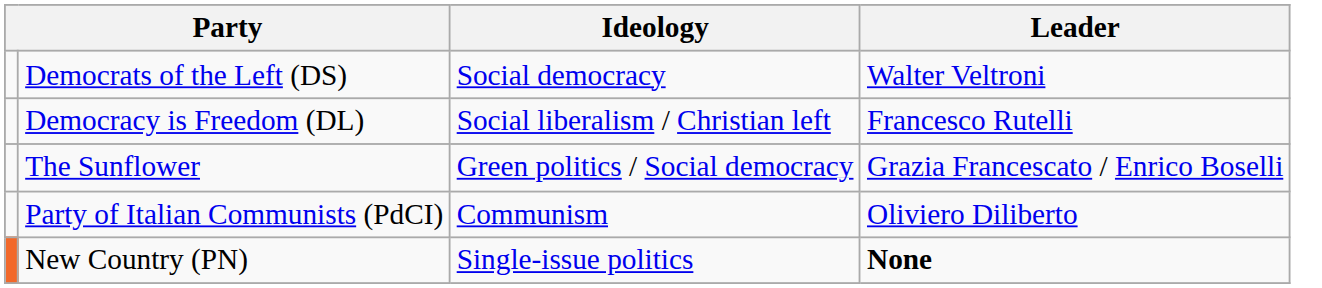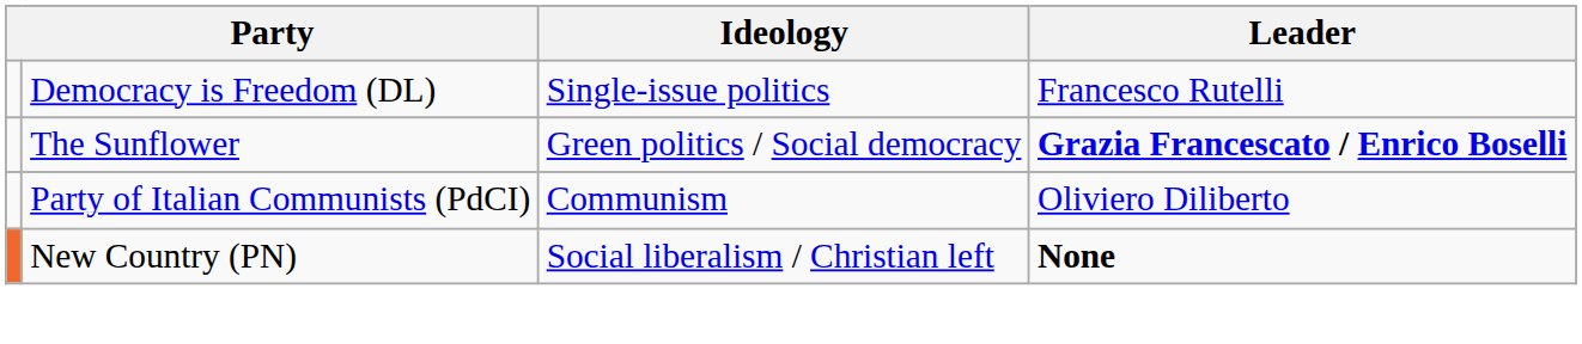 <table class=wikitable style=text-align:left>
 <tr>
 <th colspan=2>Party</th>
 <th>Ideology</th>
 <th>Leader</th>
 </tr>
 <tr>
 <td></td>
-<td><a href='#'>Democrats of the Left</a> (DS)</td>
-<td><a href='#'>Social democracy</a></td>
-<td><a href='#'>Walter Veltroni</a></td>
-</tr>
-<tr>
-<td></td>
 <td><a href='#'>Democracy is Freedom</a> (DL)</td>
-<td><a href='#'>Social liberalism</a> / <a href='#'>Christian left</a></td>
+<td><a href='#'>Single-issue politics</a></td>
 <td><a href='#'>Francesco Rutelli</a></td>
 </tr>
 <tr>
 <td></td>
 <td><a href='#'>The Sunflower</a></td>
 <td><a href='#'>Green politics</a> / <a href='#'>Social democracy</a></td>
-<td><a href='#'>Grazia Francescato</a> / <a href='#'>Enrico Boselli</a></td>
+<td><strong><a href='#'>Grazia Francescato</a> / <a href='#'>Enrico Boselli</a></strong></td>
 </tr>
 <tr>
 <td></td>
 <td><a href='#'>Party of Italian Communists</a> (PdCI)</td>
 <td><a href='#'>Communism</a></td>
 <td><a href='#'>Oliviero Diliberto</a></td>
 </tr>
 <tr>
 <td bgcolor="#F2682A"></td>
 <td>New Country (PN)</td>
-<td><a href='#'>Single-issue politics</a></td>
+<td><a href='#'>Social liberalism</a> / <a href='#'>Christian left</a></td>
 <td><strong>None</strong></td>
 </tr>
 </table>
